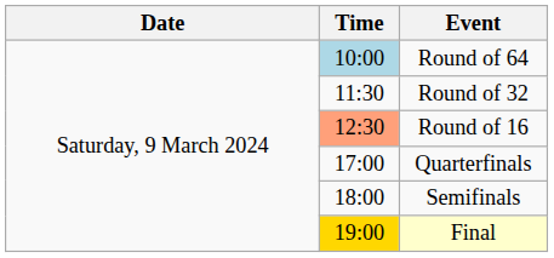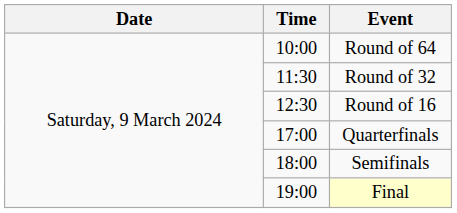 <table class = "wikitable" style="text-align:center;">
 <tr>
 <th width=220>Date</th>
 <th width=50>Time</th>
 <th width=100>Event</th>
 </tr>
 <tr>
 <td rowspan=6>Saturday, 9 March 2024</td>
-<td style="background: lightblue;">10:00</td>
+<td>10:00</td>
 <td>Round of 64</td>
 </tr>
 <tr>
 <td>11:30</td>
 <td>Round of 32</td>
 </tr>
 <tr>
-<td style="background: lightsalmon;">12:30</td>
+<td>12:30</td>
 <td>Round of 16</td>
 </tr>
 <tr>
 <td>17:00</td>
 <td>Quarterfinals</td>
 </tr>
 <tr>
 <td>18:00</td>
 <td>Semifinals</td>
 </tr>
 <tr>
-<td style="background: gold;">19:00</td>
+<td>19:00</td>
 <td bgcolor=ffffcc>Final</td>
 </tr>
 </table>
